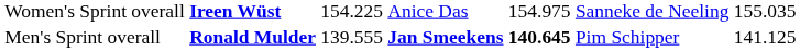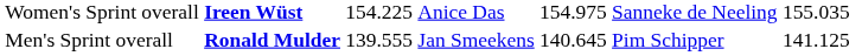 <table>
 <tr>
 <td>Women's Sprint overall</td>
 <td><strong><a href='#'>Ireen Wüst</a></strong></td>
 <td>154.225</td>
 <td><a href='#'>Anice Das</a></td>
 <td>154.975</td>
 <td><a href='#'>Sanneke de Neeling</a></td>
 <td>155.035</td>
 </tr>
 <tr>
 <td>Men's Sprint overall</td>
 <td><strong><a href='#'>Ronald Mulder</a></strong></td>
 <td>139.555</td>
-<td><strong><a href='#'>Jan Smeekens</a></strong></td>
-<td><strong>140.645</strong></td>
+<td><a href='#'>Jan Smeekens</a></td>
+<td>140.645</td>
 <td><a href='#'>Pim Schipper</a></td>
 <td>141.125</td>
 </tr>
 </table>
